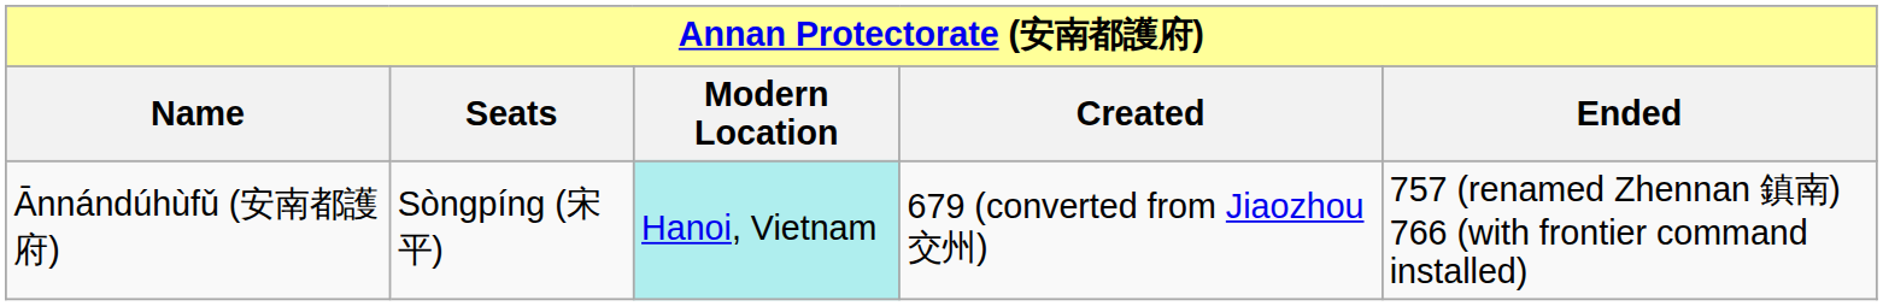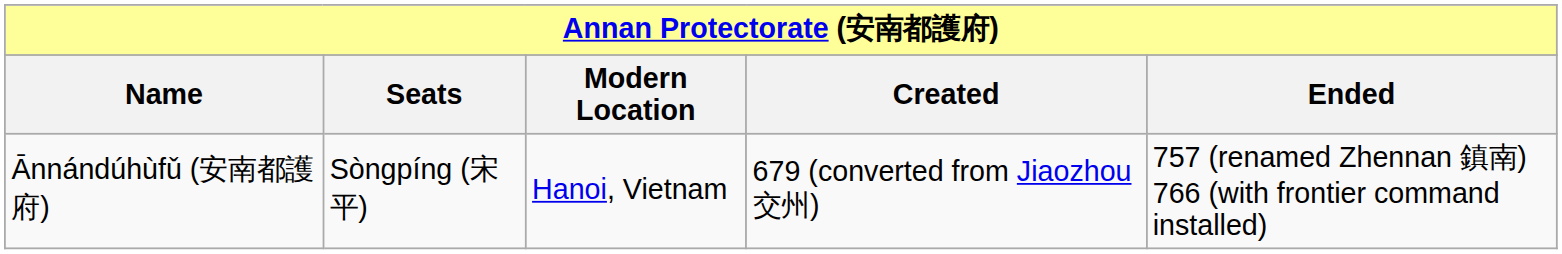 <table class="wikitable collapsible collapsed">
 <tr>
 <th colspan="5" style="background: #ffff99;"><a href='#'>Annan Protectorate</a> (安南都護府)</th>
 </tr>
 <tr>
 <th>Name</th>
 <th>Seats</th>
 <th>Modern Location</th>
 <th>Created</th>
 <th>Ended</th>
 </tr>
 <tr>
 <td>Ānnándúhùfǔ (安南都護府)</td>
 <td>Sòngpíng (宋平)</td>
-<td style="background: paleturquoise;"><a href='#'>Hanoi</a>, Vietnam</td>
+<td><a href='#'>Hanoi</a>, Vietnam</td>
 <td>679 (converted from <a href='#'>Jiaozhou</a> 交州)</td>
 <td>757 (renamed Zhennan 鎮南)<br>766 (with frontier command installed)</td>
 </tr>
 </table>
